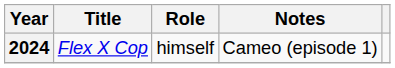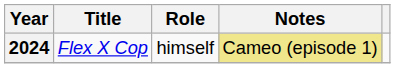 <table class="wikitable plainrowheaders sortable">
 <tr>
 <th scope="col">Year</th>
 <th scope="col">Title</th>
 <th scope="col">Role</th>
 <th scope="col" class="unsortable">Notes</th>
 <th scope="col" class="unsortable"></th>
 </tr>
 <tr>
 <th scope="row">2024</th>
 <td><em><a href='#'>Flex X Cop</a></em></td>
 <td>himself</td>
-<td>Cameo (episode 1)</td>
+<td style="background: khaki;">Cameo (episode 1)</td>
 <td style="text-align:center"></td>
 </tr>
 <tr>
 </tr>
 </table>
